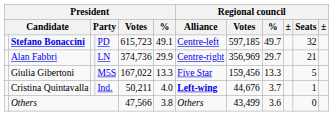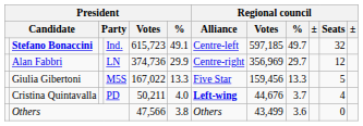 <table class="wikitable" style="text-align:right">
 <tr>
 <th colspan="6">President</th>
 <th colspan="6">Regional council</th>
 </tr>
 <tr>
 <th colspan="2">Candidate</th>
 <th colspan="2">Party</th>
 <th>Votes</th>
 <th>%</th>
 <th>Alliance</th>
 <th>Votes</th>
 <th>%</th>
 <th>±</th>
 <th>Seats</th>
 <th>±</th>
 </tr>
 <tr>
 <td></td>
 <td style="text-align:left"><strong><a href='#'>Stefano Bonaccini</a></strong></td>
 <td></td>
-<td style="text-align:left"><a href='#'>PD</a></td>
+<td style="text-align:left"><a href='#'>Ind.</a></td>
 <td>615,723</td>
 <td>49.1</td>
 <td style="text-align:left"><a href='#'>Centre-left</a></td>
 <td>597,185</td>
 <td>49.7</td>
 <td></td>
 <td>32</td>
 <td></td>
 </tr>
 <tr>
 <td></td>
 <td style="text-align:left"><a href='#'>Alan Fabbri</a></td>
 <td></td>
 <td style="text-align:left"><a href='#'>LN</a></td>
 <td>374,736</td>
 <td>29.9</td>
 <td style="text-align:left"><a href='#'>Centre-right</a></td>
 <td>356,969</td>
 <td>29.7</td>
 <td></td>
-<td>21</td>
+<td>12</td>
 <td></td>
 </tr>
 <tr>
 <td></td>
 <td style="text-align:left">Giulia Gibertoni</td>
 <td></td>
 <td style="text-align:left"><a href='#'>M5S</a></td>
 <td>167,022</td>
 <td>13.3</td>
 <td style="text-align:left"><a href='#'>Five Star</a></td>
 <td>159,456</td>
 <td>13.3</td>
 <td></td>
 <td>5</td>
 <td></td>
 </tr>
 <tr>
 <td></td>
 <td style="text-align:left">Cristina Quintavalla</td>
 <td></td>
-<td style="text-align:left"><a href='#'>Ind.</a></td>
+<td style="text-align:left"><a href='#'>PD</a></td>
 <td>50,211</td>
 <td>4.0</td>
 <td style="text-align:left"><strong><a href='#'>Left-wing</a></strong></td>
 <td>44,676</td>
 <td>3.7</td>
 <td></td>
-<td>1</td>
+<td>4</td>
 <td></td>
 </tr>
 <tr>
 <td></td>
 <td colspan="3" style="text-align:left"><em>Others</em></td>
 <td>47,566</td>
 <td>3.8</td>
 <td style="text-align:left"><em>Others</em></td>
 <td>43,499</td>
 <td>3.6</td>
 <td></td>
 <td>0</td>
 <td></td>
 </tr>
 </table>
